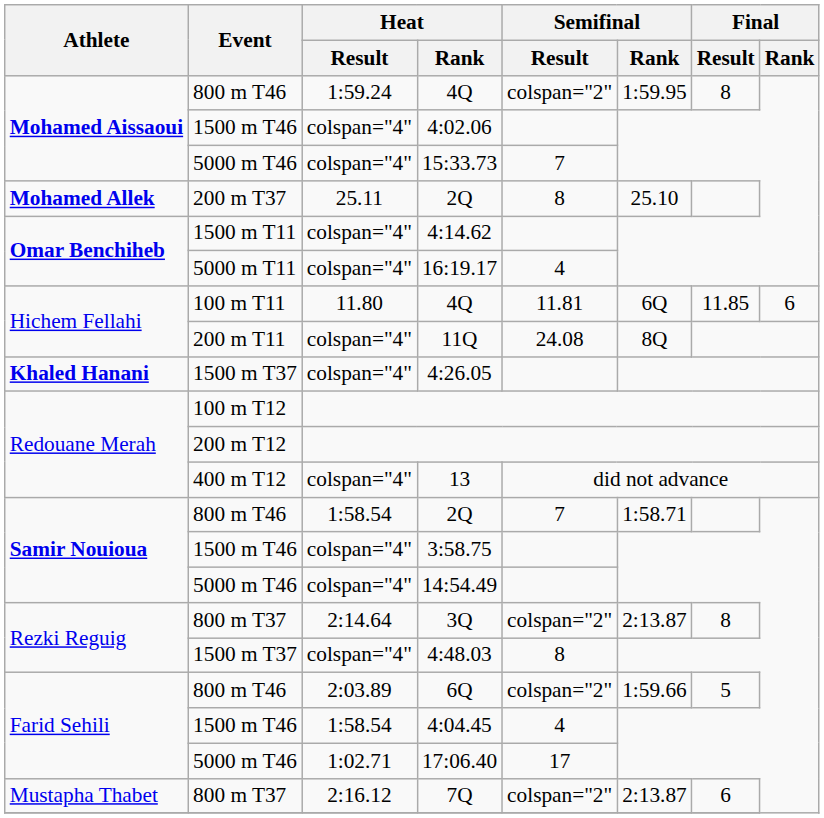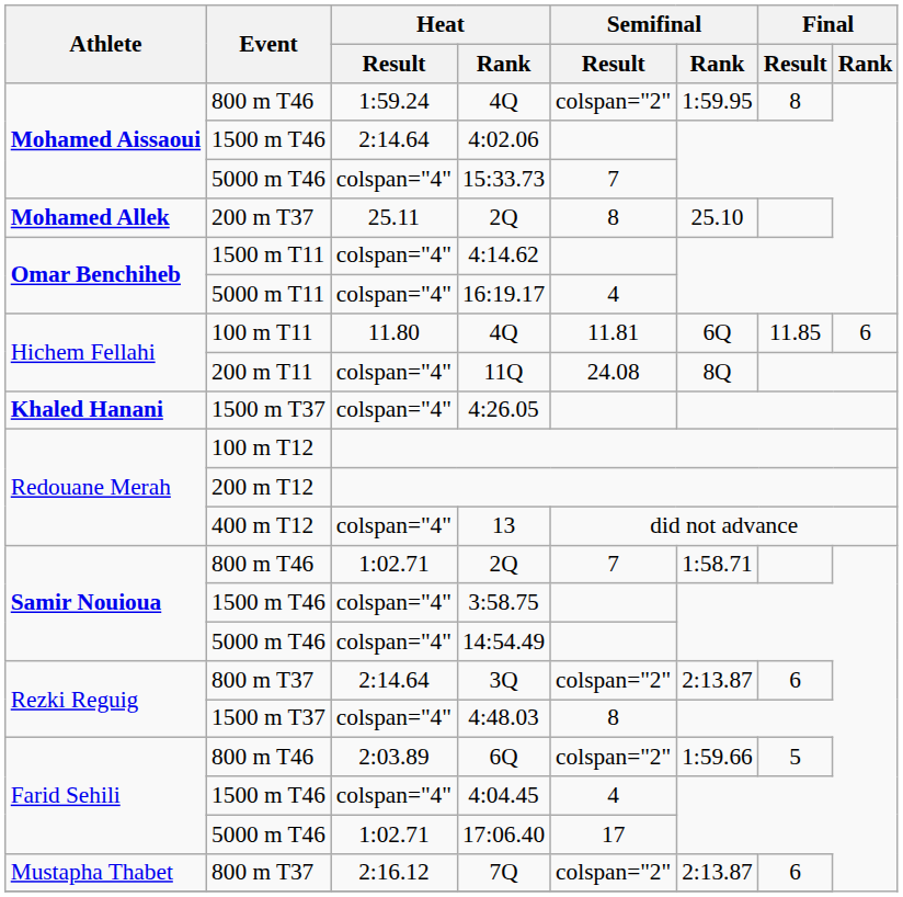 <table class="wikitable" style="text-align:center; font-size:90%">
 <tr>
 <th rowspan="2">Athlete</th>
 <th rowspan="2">Event</th>
 <th colspan="2">Heat</th>
 <th colspan="2">Semifinal</th>
 <th colspan="2">Final</th>
 </tr>
 <tr>
 <th>Result</th>
 <th>Rank</th>
 <th>Result</th>
 <th>Rank</th>
 <th>Result</th>
 <th>Rank</th>
 </tr>
 <tr>
 <td align="left" rowspan="3"><strong><a href='#'>Mohamed Aissaoui</a></strong></td>
 <td align=left>800 m T46</td>
 <td>1:59.24</td>
 <td>4Q</td>
 <td>colspan="2" </td>
 <td>1:59.95</td>
 <td>8</td>
 </tr>
 <tr>
 <td align=left>1500 m T46</td>
-<td>colspan="4" </td>
+<td>2:14.64</td>
 <td>4:02.06</td>
 <td></td>
 </tr>
 <tr>
 <td align=left>5000 m T46</td>
 <td>colspan="4" </td>
 <td>15:33.73</td>
 <td>7</td>
 </tr>
 <tr>
 <td align="left" rowspan="1"><strong><a href='#'>Mohamed Allek</a></strong></td>
 <td align=left>200 m T37</td>
 <td>25.11</td>
 <td>2Q</td>
 <td>8</td>
 <td>25.10</td>
 <td></td>
 </tr>
 <tr>
 <td align="left" rowspan="2"><strong><a href='#'>Omar Benchiheb</a></strong></td>
 <td align=left>1500 m T11</td>
 <td>colspan="4" </td>
 <td>4:14.62</td>
 <td></td>
 </tr>
 <tr>
 <td align=left>5000 m T11</td>
 <td>colspan="4" </td>
 <td>16:19.17</td>
 <td>4</td>
 </tr>
 <tr>
 <td align="left" rowspan="2"><a href='#'>Hichem Fellahi</a></td>
 <td align=left>100 m T11</td>
 <td>11.80</td>
 <td>4Q</td>
 <td>11.81</td>
 <td>6Q</td>
 <td>11.85</td>
 <td>6</td>
 </tr>
 <tr>
 <td align=left>200 m T11</td>
 <td>colspan="4" </td>
 <td>11Q</td>
 <td>24.08</td>
 <td>8Q</td>
 <td colspan=2></td>
 </tr>
 <tr>
 <td align="left" rowspan="1"><strong><a href='#'>Khaled Hanani</a></strong></td>
 <td align=left>1500 m T37</td>
 <td>colspan="4" </td>
 <td>4:26.05</td>
 <td></td>
 </tr>
 <tr>
 <td align="left" rowspan="3"><a href='#'>Redouane Merah</a></td>
 <td align=left>100 m T12</td>
 <td colspan=6></td>
 </tr>
 <tr>
 <td align=left>200 m T12</td>
 <td colspan=6></td>
 </tr>
 <tr>
 <td align=left>400 m T12</td>
 <td>colspan="4" </td>
 <td>13</td>
 <td colspan=4>did not advance</td>
 </tr>
 <tr>
 <td align="left" rowspan="3"><strong><a href='#'>Samir Nouioua</a></strong></td>
 <td align=left>800 m T46</td>
-<td>1:58.54</td>
+<td>1:02.71</td>
 <td>2Q</td>
 <td>7</td>
 <td>1:58.71</td>
 <td></td>
 </tr>
 <tr>
 <td align=left>1500 m T46</td>
 <td>colspan="4" </td>
 <td>3:58.75</td>
 <td></td>
 </tr>
 <tr>
 <td align=left>5000 m T46</td>
 <td>colspan="4" </td>
 <td>14:54.49</td>
 <td></td>
 </tr>
 <tr>
 <td align="left" rowspan="2"><a href='#'>Rezki Reguig</a></td>
 <td align=left>800 m T37</td>
 <td>2:14.64</td>
 <td>3Q</td>
 <td>colspan="2" </td>
 <td>2:13.87</td>
-<td>8</td>
+<td>6</td>
 </tr>
 <tr>
 <td align=left>1500 m T37</td>
 <td>colspan="4" </td>
 <td>4:48.03</td>
 <td>8</td>
 </tr>
 <tr>
 <td align="left" rowspan="3"><a href='#'>Farid Sehili</a></td>
 <td align=left>800 m T46</td>
 <td>2:03.89</td>
 <td>6Q</td>
 <td>colspan="2" </td>
 <td>1:59.66</td>
 <td>5</td>
 </tr>
 <tr>
 <td align=left>1500 m T46</td>
-<td>1:58.54</td>
+<td>colspan="4" </td>
 <td>4:04.45</td>
 <td>4</td>
 </tr>
 <tr>
 <td align=left>5000 m T46</td>
 <td>1:02.71</td>
 <td>17:06.40</td>
 <td>17</td>
 </tr>
 <tr>
 <td align="left" rowspan="1"><a href='#'>Mustapha Thabet</a></td>
 <td align=left>800 m T37</td>
 <td>2:16.12</td>
 <td>7Q</td>
 <td>colspan="2" </td>
 <td>2:13.87</td>
 <td>6</td>
 </tr>
 <tr>
 </tr>
 </table>
